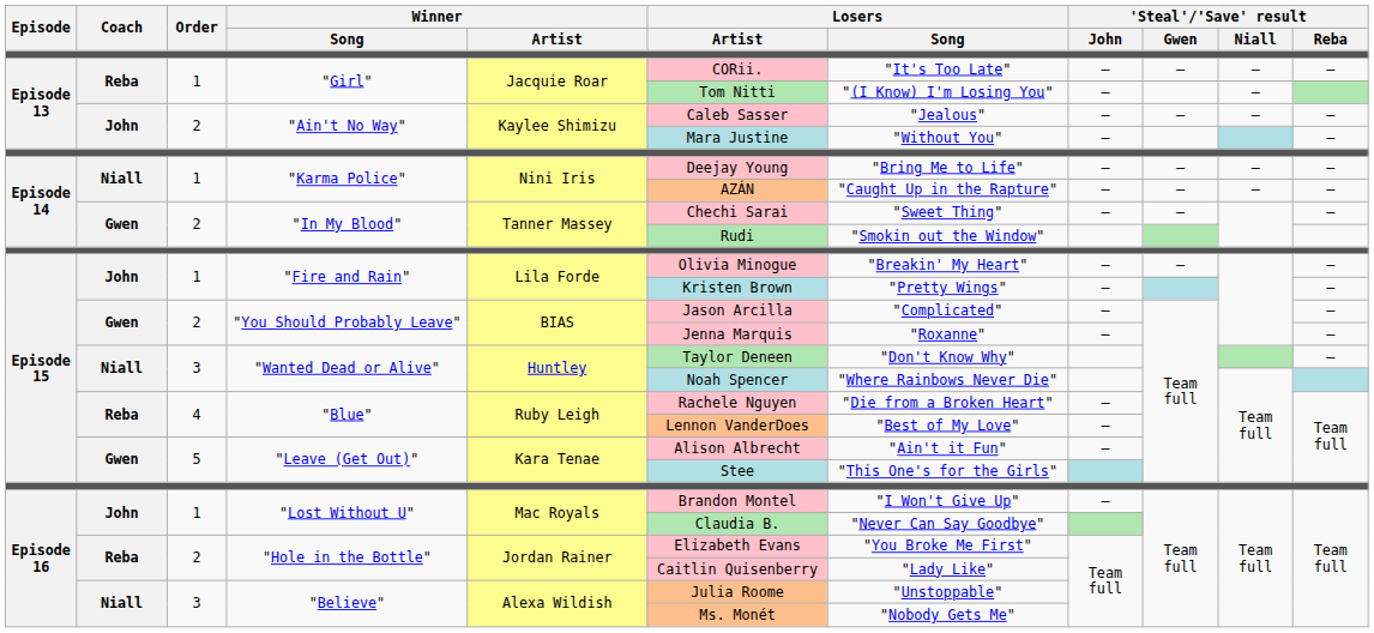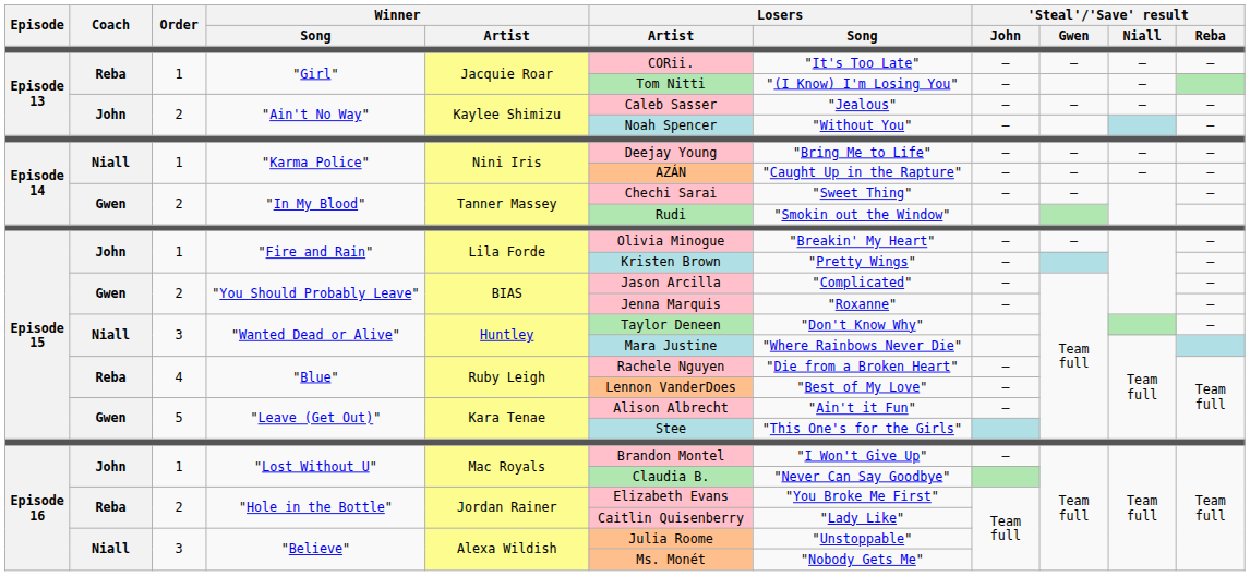 <table class="wikitable" style="text-align: center; width:100%">
 <tr>
 <th rowspan="2" style="width:04%">Episode</th>
 <th rowspan="2" style="width:06%">Coach</th>
 <th rowspan="2" style="width:04%">Order</th>
 <th colspan="2" style="width:30%">Winner</th>
 <th colspan="2" style="width:30%">Losers</th>
 <th colspan="4" style="width:20%">'Steal'/'Save' result</th>
 </tr>
 <tr>
 <th style="width:16%">Song</th>
 <th style="width:12%">Artist</th>
 <th style="width:12%">Artist</th>
 <th style="width:16%">Song</th>
 <th style="width:05%">John</th>
 <th style="width:05%">Gwen</th>
 <th style="width:05%">Niall</th>
 <th style="width:05%">Reba</th>
 </tr>
 <tr>
 <td colspan="11" style="background:#555"></td>
 </tr>
 <tr>
 <th rowspan="4">Episode 13<br></th>
 <th scope="row" rowspan="2">Reba</th>
 <td rowspan="2">1</td>
 <td rowspan="2">"<a href='#'>Girl</a>"</td>
 <td rowspan="2" style="background:#fdfc8f">Jacquie Roar</td>
 <td style="background:pink">CORii.</td>
 <td>"<a href='#'>It's Too Late</a>"</td>
 <td>–</td>
 <td>–</td>
 <td>–</td>
 <td>–</td>
 </tr>
 <tr>
 <td style="background:#b0e6b0">Tom Nitti</td>
 <td>"<a href='#'>(I Know) I'm Losing You</a>"</td>
 <td>–</td>
 <td><em></em></td>
 <td>–</td>
 <td style="background:#b0e6b0"><em></em></td>
 </tr>
 <tr>
 <th scope="row" rowspan="2">John</th>
 <td rowspan="2">2</td>
 <td rowspan="2">"<a href='#'>Ain't No Way</a>"</td>
 <td rowspan="2" style="background:#fdfc8f">Kaylee Shimizu</td>
 <td style="background:pink">Caleb Sasser</td>
 <td>"<a href='#'>Jealous</a>"</td>
 <td>–</td>
 <td>–</td>
 <td>–</td>
 <td>–</td>
 </tr>
 <tr>
-<td style="background:#b0e0e6">Mara Justine</td>
+<td style="background:#b0e0e6">Noah Spencer</td>
 <td>"<a href='#'>Without You</a>"</td>
 <td>–</td>
 <td><em></em></td>
 <td style="background:#b0e0e6"><em></em></td>
 <td>–</td>
 </tr>
 <tr>
 <td colspan="11" style="background:#555"></td>
 </tr>
 <tr>
 <th rowspan="4">Episode 14<br></th>
 <th scope="row" rowspan="2">Niall</th>
 <td rowspan="2">1</td>
 <td rowspan="2">"<a href='#'>Karma Police</a>"</td>
 <td rowspan="2" style="background:#fdfc8f">Nini Iris</td>
 <td style="background:pink">Deejay Young</td>
 <td>"<a href='#'>Bring Me to Life</a>"</td>
 <td>–</td>
 <td>–</td>
 <td>–</td>
 <td>–</td>
 </tr>
 <tr>
 <td style="background:#FFBF8C">AZÁN</td>
 <td>"<a href='#'>Caught Up in the Rapture</a>"</td>
 <td>–</td>
 <td>–</td>
 <td>–</td>
 <td>–</td>
 </tr>
 <tr>
 <th scope="row" rowspan="2">Gwen</th>
 <td rowspan="2">2</td>
 <td rowspan="2">"<a href='#'>In My Blood</a>"</td>
 <td rowspan="2" style="background:#fdfc8f">Tanner Massey</td>
 <td style="background:pink">Chechi Sarai</td>
 <td>"<a href='#'>Sweet Thing</a>"</td>
 <td>–</td>
 <td>–</td>
 <td rowspan="2"></td>
 <td>–</td>
 </tr>
 <tr>
 <td style="background:#b0e6b0">Rudi</td>
 <td>"<a href='#'>Smokin out the Window</a>"</td>
 <td><em></em></td>
 <td style="background:#b0e6b0"><em></em></td>
 <td><em></em></td>
 </tr>
 <tr>
 <td colspan="11" style="background:#555"></td>
 </tr>
 <tr>
 <th rowspan="10">Episode 15<br></th>
 <th scope="row" rowspan="2">John</th>
 <td rowspan="2">1</td>
 <td rowspan="2">"<a href='#'>Fire and Rain</a>"</td>
 <td rowspan="2" style="background:#fdfc8f">Lila Forde</td>
 <td style="background:pink">Olivia Minogue</td>
 <td>"<a href='#'>Breakin' My Heart</a>"</td>
 <td>–</td>
 <td>–</td>
 <td rowspan="4"></td>
 <td>–</td>
 </tr>
 <tr>
 <td style="background:#b0e0e6">Kristen Brown</td>
 <td>"<a href='#'>Pretty Wings</a>"</td>
 <td>–</td>
 <td style="background:#b0e0e6"><em></em></td>
 <td>–</td>
 </tr>
 <tr>
 <th scope="row" rowspan="2">Gwen</th>
 <td rowspan="2">2</td>
 <td rowspan="2">"<a href='#'>You Should Probably Leave</a>"</td>
 <td rowspan="2" style="background:#fdfc8f">BIAS</td>
 <td style="background:pink">Jason Arcilla</td>
 <td>"<a href='#'>Complicated</a>"</td>
 <td>–</td>
 <td rowspan="8">Team full</td>
 <td>–</td>
 </tr>
 <tr>
 <td style="background:pink">Jenna Marquis</td>
 <td>"<a href='#'>Roxanne</a>"</td>
 <td>–</td>
 <td>–</td>
 </tr>
 <tr>
 <th scope="row" rowspan="2">Niall</th>
 <td rowspan="2">3</td>
 <td rowspan="2">"<a href='#'>Wanted Dead or Alive</a>"</td>
 <td rowspan="2" style="background:#fdfc8f"><a href='#'>Huntley</a></td>
 <td style="background:#b0e6b0">Taylor Deneen</td>
 <td>"<a href='#'>Don't Know Why</a>"</td>
 <td><em></em></td>
 <td style="background:#b0e6b0"><em></em></td>
 <td>–</td>
 </tr>
 <tr>
-<td style="background:#b0e0e6">Noah Spencer</td>
+<td style="background:#b0e0e6">Mara Justine</td>
 <td>"<a href='#'>Where Rainbows Never Die</a>"</td>
 <td><em></em></td>
 <td rowspan="5">Team full</td>
 <td style="background:#b0e0e6"><em></em></td>
 </tr>
 <tr>
 <th scope="row" rowspan="2">Reba</th>
 <td rowspan="2">4</td>
 <td rowspan="2">"<a href='#'>Blue</a>"</td>
 <td rowspan="2" style="background:#fdfc8f">Ruby Leigh</td>
 <td style="background:pink">Rachele Nguyen</td>
 <td>"<a href='#'>Die from a Broken Heart</a>"</td>
 <td>–</td>
 <td rowspan="4">Team full</td>
 </tr>
 <tr>
 <td style="background:#FFBF8C">Lennon VanderDoes</td>
 <td>"<a href='#'>Best of My Love</a>"</td>
 <td>–</td>
 </tr>
 <tr>
 <th scope="row" rowspan="2">Gwen</th>
 <td rowspan="2">5</td>
 <td rowspan="2">"<a href='#'>Leave (Get Out)</a>"</td>
 <td rowspan="2" style="background:#fdfc8f">Kara Tenae</td>
 <td style="background:pink">Alison Albrecht</td>
 <td>"<a href='#'>Ain't it Fun</a>"</td>
 <td>–</td>
 </tr>
 <tr>
 <td style="background:#b0e0e6">Stee</td>
 <td>"<a href='#'>This One's for the Girls</a>"</td>
 <td style="background:#b0e0e6"><em></em></td>
 </tr>
 <tr>
 <td colspan="11" style="background:#555"></td>
 </tr>
 <tr>
 <th rowspan="6">Episode 16<br></th>
 <th scope="row" rowspan="2">John</th>
 <td rowspan="2">1</td>
 <td rowspan="2">"<a href='#'>Lost Without U</a>"</td>
 <td rowspan="2" style="background:#fdfc8f">Mac Royals</td>
 <td style="background:pink">Brandon Montel</td>
 <td>"<a href='#'>I Won't Give Up</a>"</td>
 <td>–</td>
 <td rowspan="6">Team full</td>
 <td rowspan="6">Team full</td>
 <td rowspan="6">Team full</td>
 </tr>
 <tr>
 <td style="background:#b0e6b0">Claudia B.</td>
 <td>"<a href='#'>Never Can Say Goodbye</a>"</td>
 <td style="background:#b0e6b0"><em></em></td>
 </tr>
 <tr>
 <th scope="row" rowspan="2">Reba</th>
 <td rowspan="2">2</td>
 <td rowspan="2">"<a href='#'>Hole in the Bottle</a>"</td>
 <td rowspan="2" style="background:#fdfc8f">Jordan Rainer</td>
 <td style="background:pink">Elizabeth Evans</td>
 <td>"<a href='#'>You Broke Me First</a>"</td>
 <td rowspan="4">Team full</td>
 </tr>
 <tr>
 <td style="background:pink">Caitlin Quisenberry</td>
 <td>"<a href='#'>Lady Like</a>"</td>
 </tr>
 <tr>
 <th scope="row" rowspan="2">Niall</th>
 <td rowspan="2">3</td>
 <td rowspan="2">"<a href='#'>Believe</a>"</td>
 <td rowspan="2" style="background:#fdfc8f">Alexa Wildish</td>
 <td style="background:#FFBF8C">Julia Roome</td>
 <td>"<a href='#'>Unstoppable</a>"</td>
 </tr>
 <tr>
 <td style="background:#FFBF8C">Ms. Monét</td>
 <td>"<a href='#'>Nobody Gets Me</a>"</td>
 </tr>
 </table>
